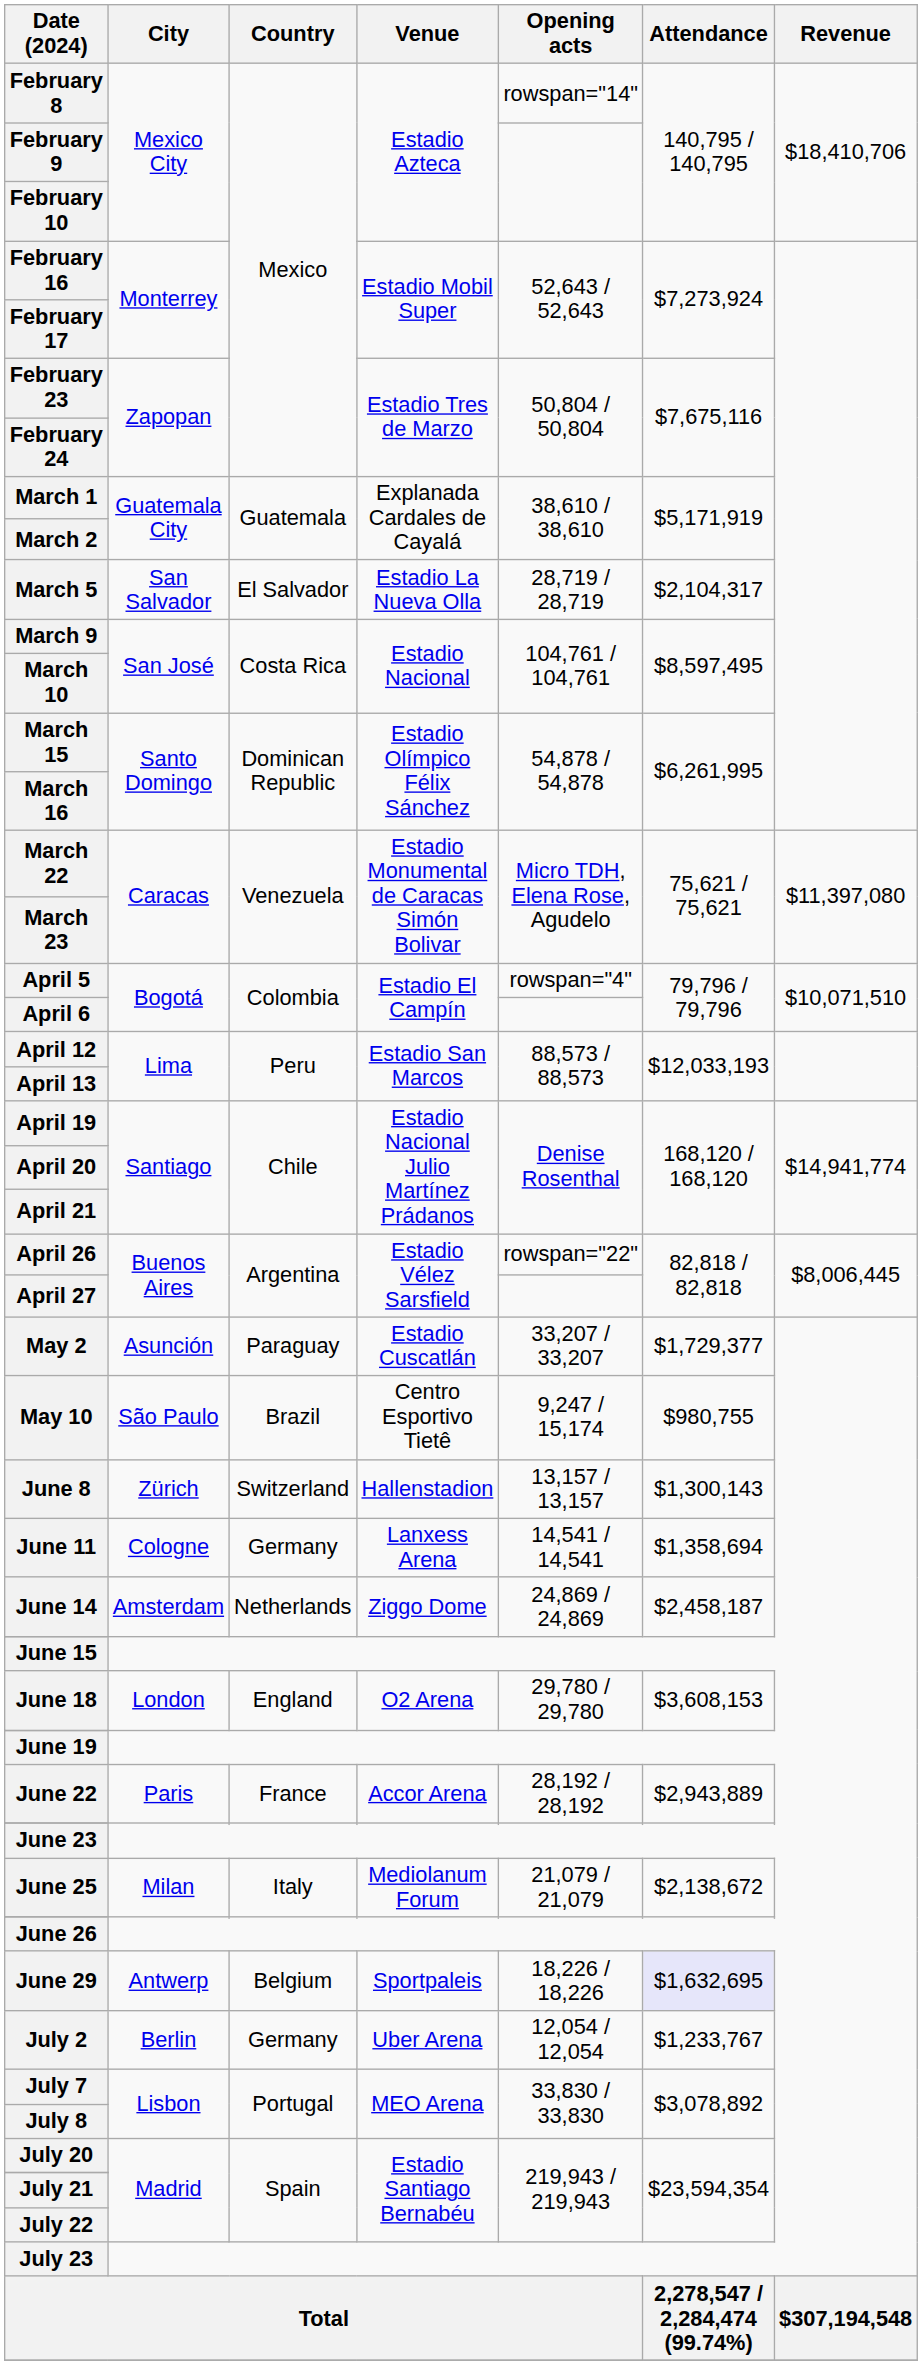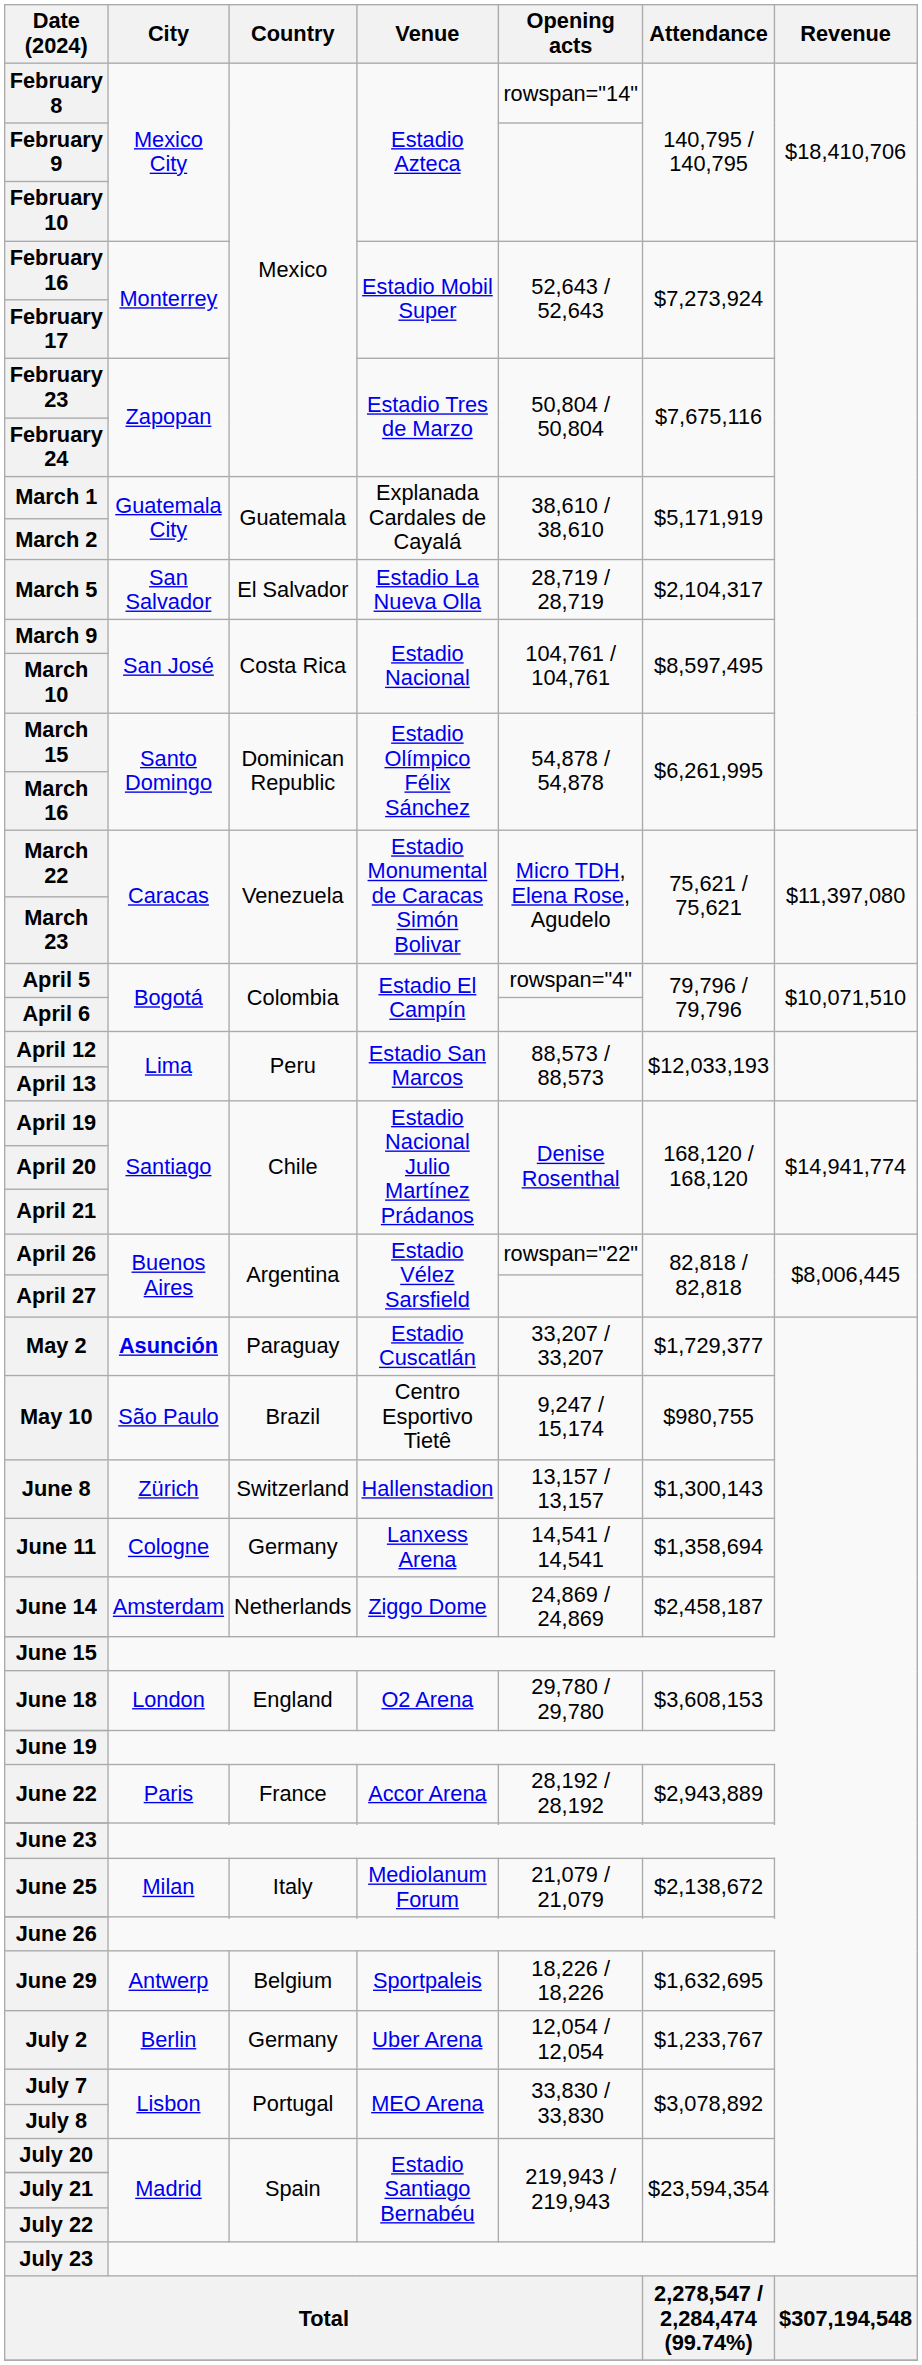 <table class="wikitable plainrowheaders" style="text-align:center;">
 <tr>
 <th scope="col" style="width:9em;">Date (2024)</th>
 <th scope="col" style="width:10em;">City</th>
 <th scope="col" style="width:10em;">Country</th>
 <th scope="col" style="width:16em;">Venue</th>
 <th scope="col" style="width:10em;">Opening acts</th>
 <th scope="col" style="width:10em;">Attendance</th>
 <th scope="col" style="width:10em;">Revenue</th>
 </tr>
 <tr>
 <th scope="row" style="text-align:center;">February 8</th>
 <td rowspan="3"><a href='#'>Mexico City</a></td>
 <td rowspan="7">Mexico</td>
 <td rowspan="3"><a href='#'>Estadio Azteca</a></td>
 <td>rowspan="14" </td>
 <td rowspan="3">140,795 / 140,795</td>
 <td rowspan="3">$18,410,706</td>
 </tr>
 <tr>
 <th scope="row" style="text-align:center;">February 9</th>
 </tr>
 <tr>
 <th scope="row" style="text-align:center;">February 10</th>
 </tr>
 <tr>
 <th scope="row" style="text-align:center;">February 16</th>
 <td rowspan="2"><a href='#'>Monterrey</a></td>
 <td rowspan="2"><a href='#'>Estadio Mobil Super</a></td>
 <td rowspan="2">52,643 / 52,643</td>
 <td rowspan="2">$7,273,924</td>
 </tr>
 <tr>
 <th scope="row" style="text-align:center;">February 17</th>
 </tr>
 <tr>
 <th scope="row" style="text-align:center;">February 23</th>
 <td rowspan="2"><a href='#'>Zapopan</a></td>
 <td rowspan="2"><a href='#'>Estadio Tres de Marzo</a></td>
 <td rowspan="2">50,804 / 50,804</td>
 <td rowspan="2">$7,675,116</td>
 </tr>
 <tr>
 <th scope="row" style="text-align:center;">February 24</th>
 </tr>
 <tr>
 <th scope="row" style="text-align:center;">March 1</th>
 <td rowspan="2"><a href='#'>Guatemala City</a></td>
 <td rowspan="2">Guatemala</td>
 <td rowspan="2">Explanada Cardales de Cayalá</td>
 <td rowspan="2">38,610 / 38,610</td>
 <td rowspan="2">$5,171,919</td>
 </tr>
 <tr>
 <th scope="row" style="text-align:center;">March 2</th>
 </tr>
 <tr>
 <th scope="row" style="text-align:center;">March 5</th>
 <td><a href='#'>San Salvador</a></td>
 <td>El Salvador</td>
 <td><a href='#'>Estadio La Nueva Olla</a></td>
 <td>28,719 / 28,719</td>
 <td>$2,104,317</td>
 </tr>
 <tr>
 <th scope="row" style="text-align:center;">March 9</th>
 <td rowspan="2"><a href='#'>San José</a></td>
 <td rowspan="2">Costa Rica</td>
 <td rowspan="2"><a href='#'>Estadio Nacional</a></td>
 <td rowspan="2">104,761 / 104,761</td>
 <td rowspan="2">$8,597,495</td>
 </tr>
 <tr>
 <th scope="row" style="text-align:center;">March 10</th>
 </tr>
 <tr>
 <th scope="row" style="text-align:center;">March 15</th>
 <td rowspan="2"><a href='#'>Santo Domingo</a></td>
 <td rowspan="2">Dominican Republic</td>
 <td rowspan="2"><a href='#'>Estadio Olímpico Félix Sánchez</a></td>
 <td rowspan="2">54,878 / 54,878</td>
 <td rowspan="2">$6,261,995</td>
 </tr>
 <tr>
 <th scope="row" style="text-align:center;">March 16</th>
 </tr>
 <tr>
 <th scope="row" style="text-align:center;">March 22</th>
 <td rowspan="2"><a href='#'>Caracas</a></td>
 <td rowspan="2">Venezuela</td>
 <td rowspan="2"><a href='#'>Estadio Monumental de Caracas Simón Bolivar</a></td>
 <td rowspan="2"><a href='#'>Micro TDH</a>, <a href='#'>Elena Rose</a>, Agudelo</td>
 <td rowspan="2">75,621 / 75,621</td>
 <td rowspan="2">$11,397,080</td>
 </tr>
 <tr>
 <th scope="row" style="text-align:center;">March 23</th>
 </tr>
 <tr>
 <th scope="row" style="text-align:center;">April 5</th>
 <td rowspan="2"><a href='#'>Bogotá</a></td>
 <td rowspan="2">Colombia</td>
 <td rowspan="2"><a href='#'>Estadio El Campín</a></td>
 <td>rowspan="4" </td>
 <td rowspan="2">79,796 / 79,796</td>
 <td rowspan="2">$10,071,510</td>
 </tr>
 <tr>
 <th scope="row" style="text-align:center;">April 6</th>
 </tr>
 <tr>
 <th scope="row" style="text-align:center;">April 12</th>
 <td rowspan="2"><a href='#'>Lima</a></td>
 <td rowspan="2">Peru</td>
 <td rowspan="2"><a href='#'>Estadio San Marcos</a></td>
 <td rowspan="2">88,573 / 88,573</td>
 <td rowspan="2">$12,033,193</td>
 </tr>
 <tr>
 <th scope="row" style="text-align:center;">April 13</th>
 </tr>
 <tr>
 <th scope="row" style="text-align:center;">April 19</th>
 <td rowspan="3"><a href='#'>Santiago</a></td>
 <td rowspan="3">Chile</td>
 <td rowspan="3"><a href='#'>Estadio Nacional Julio Martínez Prádanos</a></td>
 <td rowspan="3"><a href='#'>Denise Rosenthal</a></td>
 <td rowspan="3">168,120 / 168,120</td>
 <td rowspan="3">$14,941,774</td>
 </tr>
 <tr>
 <th scope="row" style="text-align:center;">April 20</th>
 </tr>
 <tr>
 <th scope="row" style="text-align:center;">April 21</th>
 </tr>
 <tr>
 <th scope="row" style="text-align:center;">April 26</th>
 <td rowspan="2"><a href='#'>Buenos Aires</a></td>
 <td rowspan="2">Argentina</td>
 <td rowspan="2"><a href='#'>Estadio Vélez Sarsfield</a></td>
 <td>rowspan="22" </td>
 <td rowspan="2">82,818 / 82,818</td>
 <td rowspan="2">$8,006,445</td>
 </tr>
 <tr>
 <th scope="row" style="text-align:center;">April 27</th>
 </tr>
 <tr>
 <th scope="row" style="text-align:center;">May 2</th>
-<td><a href='#'>Asunción</a></td>
+<td><strong><a href='#'>Asunción</a></strong></td>
 <td>Paraguay</td>
 <td><a href='#'>Estadio Cuscatlán</a></td>
 <td>33,207 / 33,207</td>
 <td>$1,729,377</td>
 </tr>
 <tr>
 <th scope="row" style="text-align:center;">May 10</th>
 <td><a href='#'>São Paulo</a></td>
 <td>Brazil</td>
 <td>Centro Esportivo Tietê</td>
 <td>9,247 / 15,174</td>
 <td>$980,755</td>
 </tr>
 <tr>
 <th scope="row" style="text-align:center;">June 8</th>
 <td><a href='#'>Zürich</a></td>
 <td>Switzerland</td>
 <td><a href='#'>Hallenstadion</a></td>
 <td>13,157 / 13,157</td>
 <td>$1,300,143</td>
 </tr>
 <tr>
 <th scope="row" style="text-align:center;">June 11</th>
 <td><a href='#'>Cologne</a></td>
 <td>Germany</td>
 <td><a href='#'>Lanxess Arena</a></td>
 <td>14,541 / 14,541</td>
 <td>$1,358,694</td>
 </tr>
 <tr>
 <th scope="row" style="text-align:center;">June 14</th>
 <td rowspan="2"><a href='#'>Amsterdam</a></td>
 <td rowspan="2">Netherlands</td>
 <td rowspan="2"><a href='#'>Ziggo Dome</a></td>
 <td rowspan="2">24,869 / 24,869</td>
 <td rowspan="2">$2,458,187</td>
 </tr>
 <tr>
 </tr>
 <tr>
 <th scope="row" style="text-align:center;">June 15</th>
 </tr>
 <tr>
 <th scope="row" style="text-align:center;">June 18</th>
 <td rowspan="2"><a href='#'>London</a></td>
 <td rowspan="2">England</td>
 <td rowspan="2"><a href='#'>O2 Arena</a></td>
 <td rowspan="2">29,780 / 29,780</td>
 <td rowspan="2">$3,608,153</td>
 </tr>
 <tr>
 </tr>
 <tr>
 <th scope="row" style="text-align:center;">June 19</th>
 </tr>
 <tr>
 <th scope="row" style="text-align:center;">June 22</th>
 <td rowspan="2"><a href='#'>Paris</a></td>
 <td rowspan="2">France</td>
 <td rowspan="2"><a href='#'>Accor Arena</a></td>
 <td rowspan="2">28,192 / 28,192</td>
 <td rowspan="2">$2,943,889</td>
 </tr>
 <tr>
 </tr>
 <tr>
 <th scope="row" style="text-align:center;">June 23</th>
 </tr>
 <tr>
 <th scope="row" style="text-align:center;">June 25</th>
 <td rowspan="2"><a href='#'>Milan</a></td>
 <td rowspan="2">Italy</td>
 <td rowspan="2"><a href='#'>Mediolanum Forum</a></td>
 <td rowspan="2">21,079 / 21,079</td>
 <td rowspan="2">$2,138,672</td>
 </tr>
 <tr>
 </tr>
 <tr>
 <th scope="row" style="text-align:center;">June 26</th>
 </tr>
 <tr>
 <th scope="row" style="text-align:center;">June 29</th>
 <td><a href='#'>Antwerp</a></td>
 <td>Belgium</td>
 <td><a href='#'>Sportpaleis</a></td>
 <td>18,226 / 18,226</td>
-<td style="background: lavender;">$1,632,695</td>
+<td>$1,632,695</td>
 </tr>
 <tr>
 <th scope="row" style="text-align:center;">July 2</th>
 <td><a href='#'>Berlin</a></td>
 <td>Germany</td>
 <td><a href='#'>Uber Arena</a></td>
 <td>12,054 / 12,054</td>
 <td>$1,233,767</td>
 </tr>
 <tr>
 <th scope="row" style="text-align:center;">July 7</th>
 <td rowspan="2"><a href='#'>Lisbon</a></td>
 <td rowspan="2">Portugal</td>
 <td rowspan="2"><a href='#'>MEO Arena</a></td>
 <td rowspan="2">33,830 / 33,830</td>
 <td rowspan="2">$3,078,892</td>
 </tr>
 <tr>
 <th scope="row" style="text-align:center;">July 8</th>
 </tr>
 <tr>
 <th scope="row" style="text-align:center;">July 20</th>
 <td rowspan="4"><a href='#'>Madrid</a></td>
 <td rowspan="4">Spain</td>
 <td rowspan="4"><a href='#'>Estadio Santiago Bernabéu</a></td>
 <td rowspan="4">219,943 / 219,943</td>
 <td rowspan="4">$23,594,354</td>
 </tr>
 <tr>
 </tr>
 <tr>
 <th scope="row" style="text-align:center;">July 21</th>
 </tr>
 <tr>
 <th scope="row" style="text-align:center;">July 22</th>
 </tr>
 <tr>
 <th scope="row" style="text-align:center;">July 23</th>
 </tr>
 <tr>
 <th colspan="5">Total</th>
 <th>2,278,547 / 2,284,474 (99.74%)</th>
 <th>$307,194,548</th>
 </tr>
 <tr>
 </tr>
 </table>
